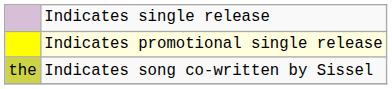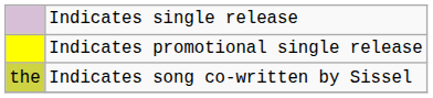 <table class="wikitable" style="font-size:90%;">
 <tr>
 <td style="background-color:#D8BFD8"></td>
 <td>Indicates single release</td>
 </tr>
 <tr>
 <td style="background-color:#ffff00"></td>
-<td style="background: lightyellow;">Indicates promotional single release</td>
+<td>Indicates promotional single release</td>
 </tr>
 <tr>
 <td style="background-color:#ced343"> the</td>
 <td>Indicates song co-written by Sissel</td>
 </tr>
 <tr>
 </tr>
 </table>
